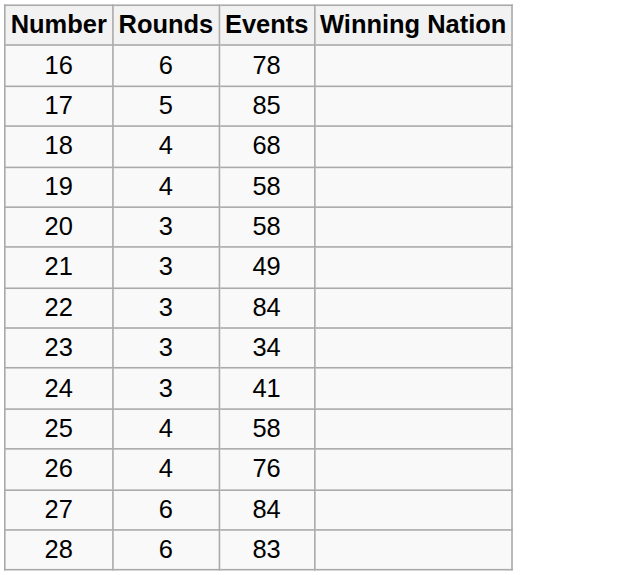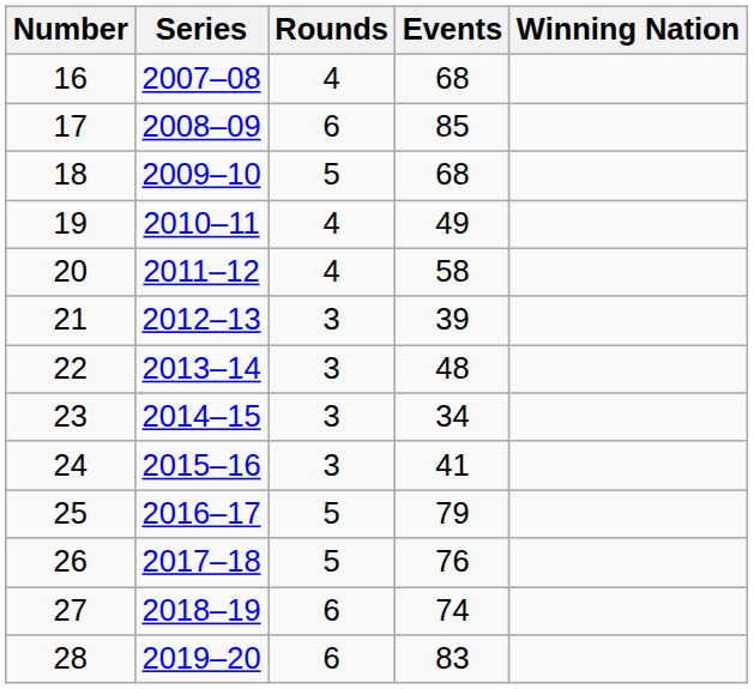 <table class="wikitable" style="display: inline-table;">
 <tr>
 <th>Number</th>
+<th>Series</th>
 <th>Rounds</th>
 <th>Events</th>
 <th>Winning Nation</th>
 </tr>
 <tr>
 <td align=center>16</td>
-<td align=center>6</td>
-<td align=center>78</td>
+<td align=center><a href='#'>2007–08</a></td>
+<td align=center>4</td>
+<td align=center>68</td>
 <td></td>
 </tr>
 <tr>
 <td align=center>17</td>
-<td align=center>5</td>
+<td align=center><a href='#'>2008–09</a></td>
+<td align=center>6</td>
 <td align=center>85</td>
 <td></td>
 </tr>
 <tr>
 <td align=center>18</td>
-<td align=center>4</td>
+<td align=center><a href='#'>2009–10</a></td>
+<td align=center>5</td>
 <td align=center>68</td>
 <td></td>
 </tr>
 <tr>
 <td align=center>19</td>
+<td align=center><a href='#'>2010–11</a></td>
+<td align=center>4</td>
+<td align=center>49</td>
+<td></td>
+</tr>
+<tr>
+<td align=center>20</td>
+<td align=center><a href='#'>2011–12</a></td>
 <td align=center>4</td>
 <td align=center>58</td>
 <td></td>
 </tr>
 <tr>
-<td align=center>20</td>
+<td align=center>21</td>
+<td align=center><a href='#'>2012–13</a></td>
 <td align=center>3</td>
-<td align=center>58</td>
-<td></td>
-</tr>
-<tr>
-<td align=center>21</td>
-<td align=center>3</td>
-<td align=center>49</td>
+<td align=center>39</td>
 <td></td>
 </tr>
 <tr>
 <td align=center>22</td>
+<td align=center><a href='#'>2013–14</a></td>
 <td align=center>3</td>
-<td align=center>84</td>
+<td align=center>48</td>
 <td></td>
 </tr>
 <tr>
 <td align=center>23</td>
+<td align=center><a href='#'>2014–15</a></td>
 <td align=center>3</td>
 <td align=center>34</td>
 <td></td>
 </tr>
 <tr>
 <td align=center>24</td>
+<td align=center><a href='#'>2015–16</a></td>
 <td align=center>3</td>
 <td align=center>41</td>
 <td></td>
 </tr>
 <tr>
 <td align=center>25</td>
-<td align=center>4</td>
-<td align=center>58</td>
+<td align=center><a href='#'>2016–17</a></td>
+<td align=center>5</td>
+<td align=center>79</td>
 <td></td>
 </tr>
 <tr>
 <td align=center>26</td>
-<td align=center>4</td>
+<td align=center><a href='#'>2017–18</a></td>
+<td align=center>5</td>
 <td align=center>76</td>
 <td></td>
 </tr>
 <tr>
 <td align=center>27</td>
+<td align=center><a href='#'>2018–19</a></td>
 <td align=center>6</td>
-<td align=center>84</td>
+<td align=center>74</td>
 <td></td>
 </tr>
 <tr>
 <td align=center>28</td>
+<td align=center><a href='#'>2019–20</a></td>
 <td align=center>6</td>
 <td align=center>83</td>
 <td></td>
 </tr>
 </table>
